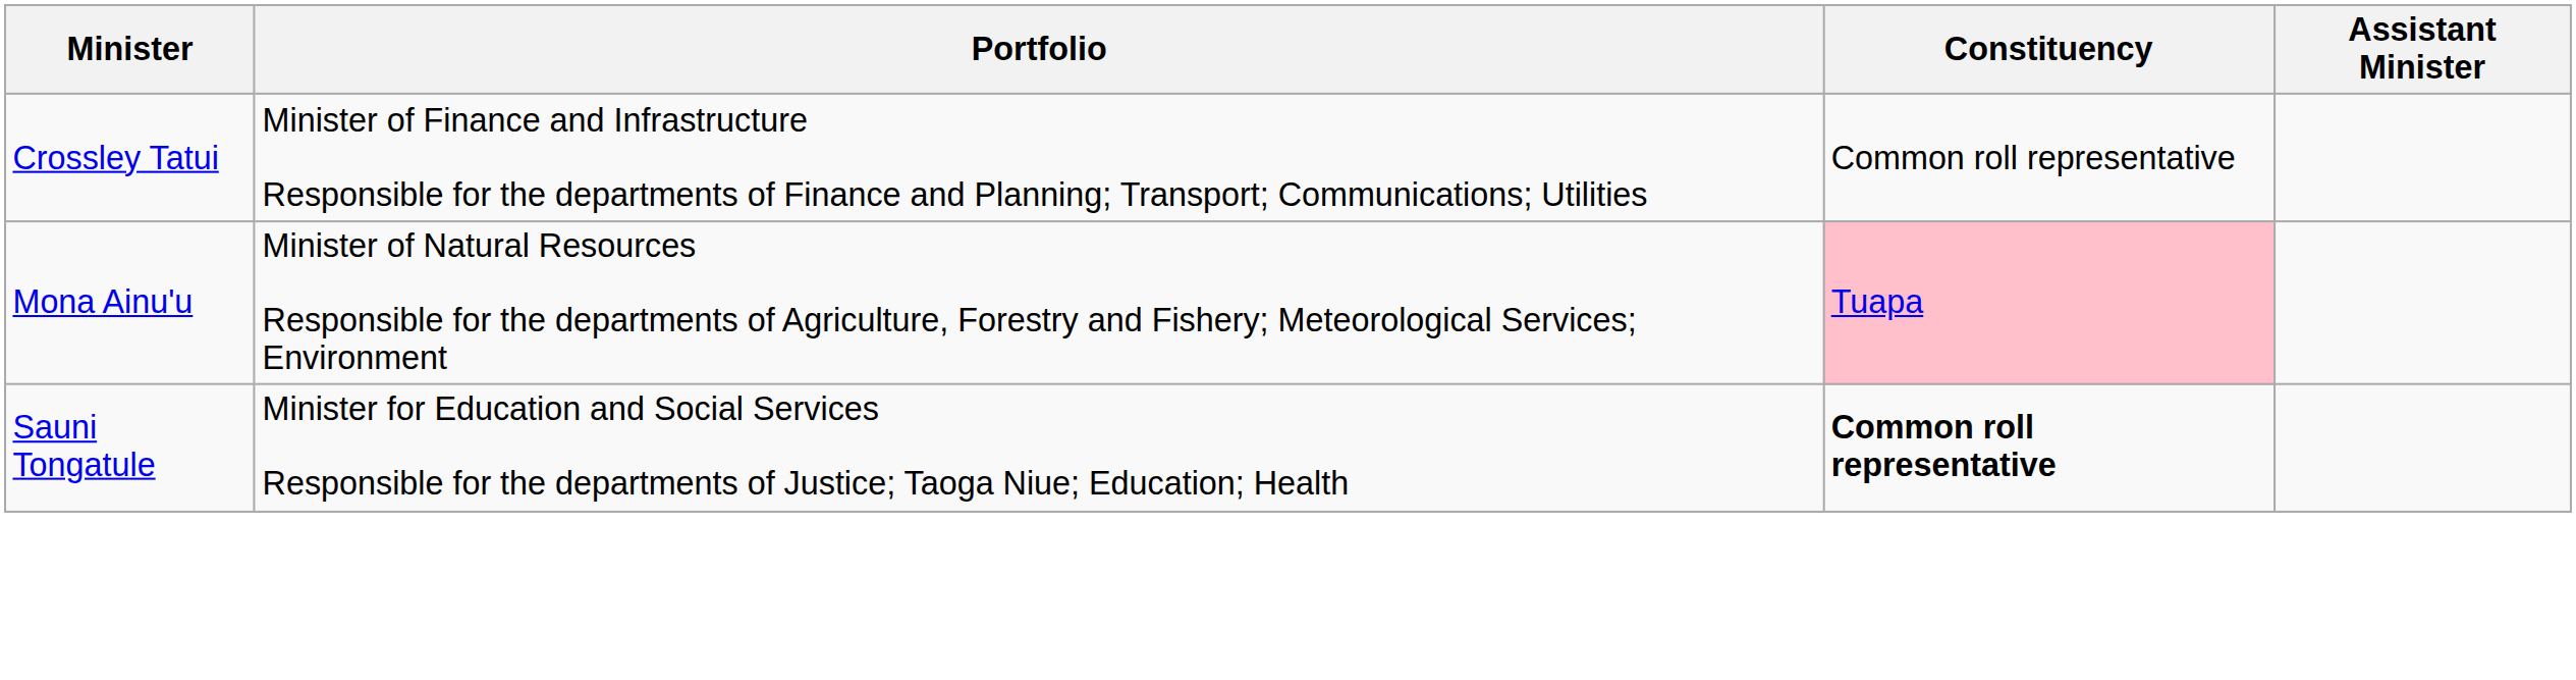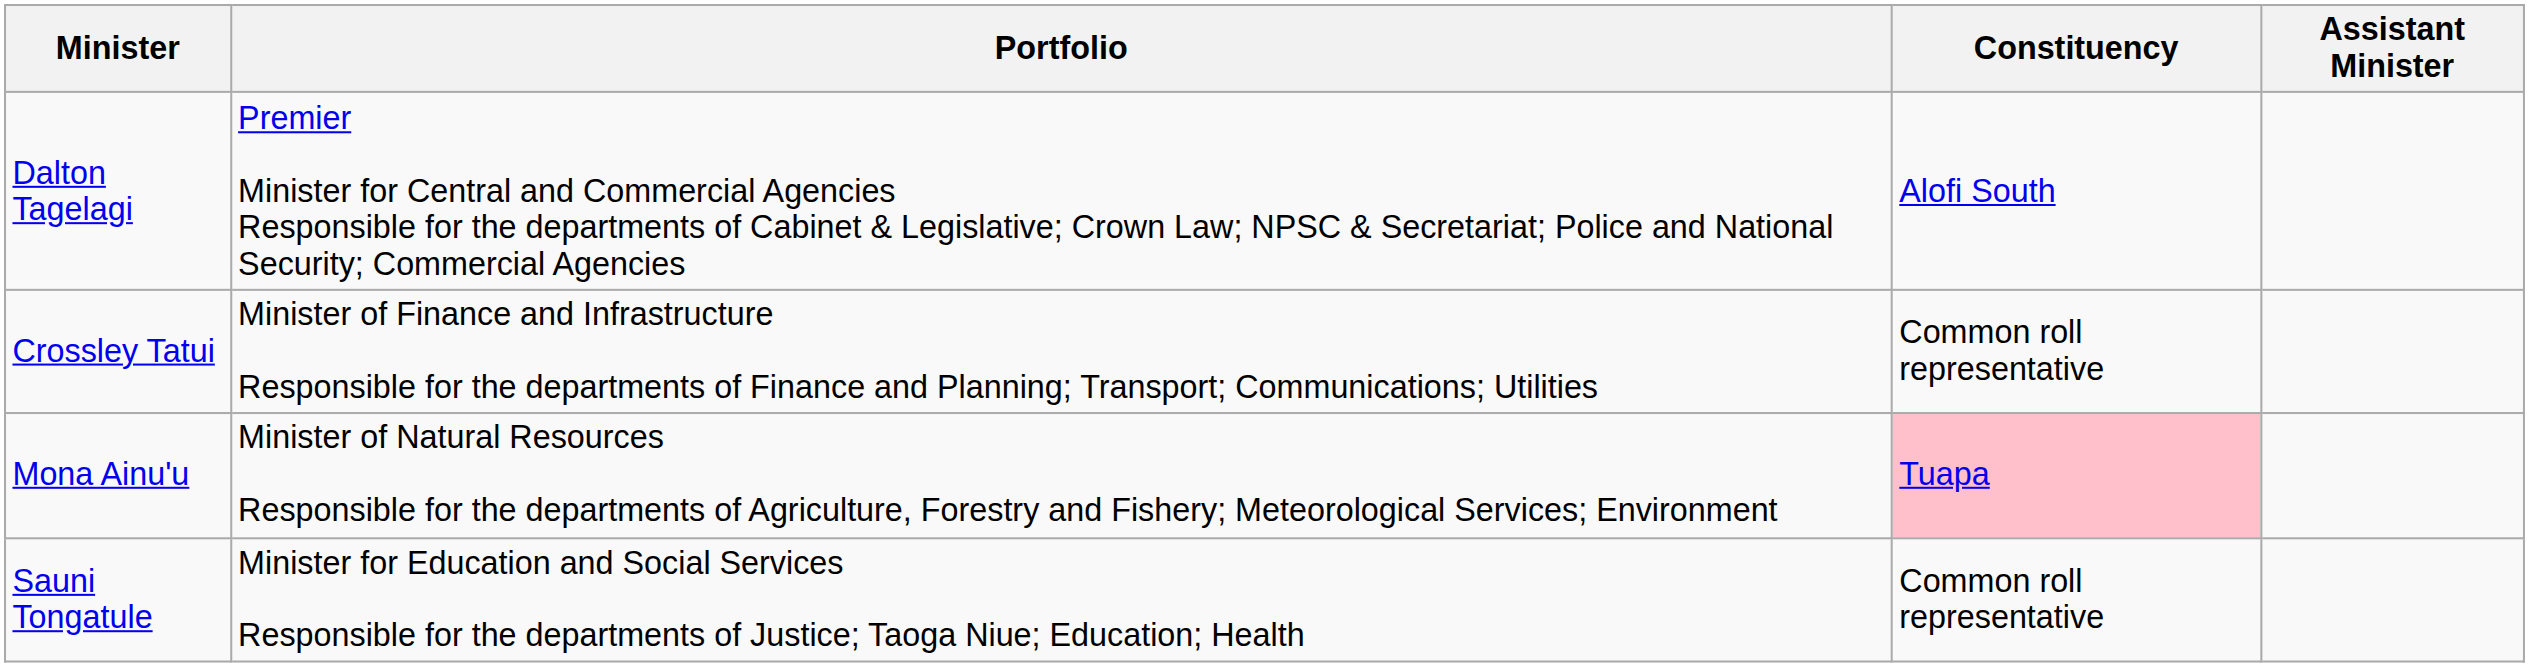 <table class="wikitable">
 <tr>
 <th>Minister</th>
 <th>Portfolio</th>
 <th>Constituency</th>
 <th>Assistant Minister</th>
+</tr>
+<tr>
+<td><a href='#'>Dalton Tagelagi</a></td>
+<td><a href='#'>Premier</a><br><br>Minister for Central and Commercial Agencies<br> Responsible for the departments of Cabinet & Legislative; Crown Law; NPSC & Secretariat; Police and National Security; Commercial Agencies</td>
+<td><a href='#'>Alofi South</a></td>
+<td></td>
 </tr>
 <tr>
 <td><a href='#'>Crossley Tatui</a></td>
 <td>Minister of Finance and Infrastructure<br><br>Responsible for the departments of Finance and Planning; Transport; Communications; Utilities</td>
 <td>Common roll representative</td>
 <td></td>
 </tr>
 <tr>
 <td><a href='#'>Mona Ainu'u</a></td>
 <td>Minister of Natural Resources<br><br>Responsible for the departments of Agriculture, Forestry and Fishery; Meteorological Services; Environment</td>
 <td style="background: pink;"><a href='#'>Tuapa</a></td>
 <td></td>
 </tr>
 <tr>
 <td><a href='#'>Sauni Tongatule</a></td>
 <td>Minister for Education and Social Services<br><br>Responsible for the departments of Justice; Taoga Niue; Education; Health</td>
-<td><strong>Common roll representative</strong></td>
+<td>Common roll representative</td>
 <td></td>
 </tr>
 </table>
